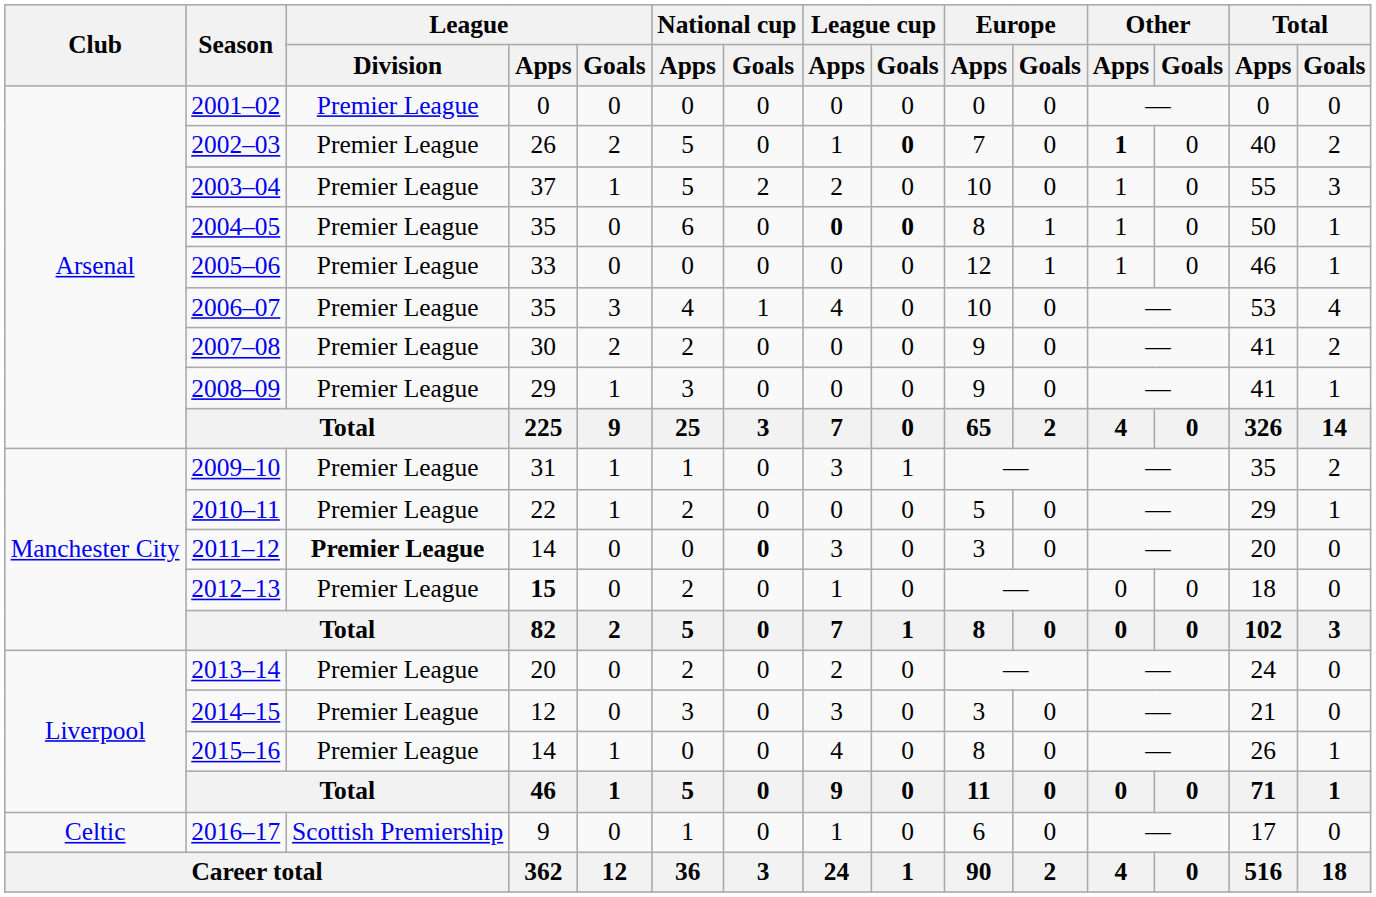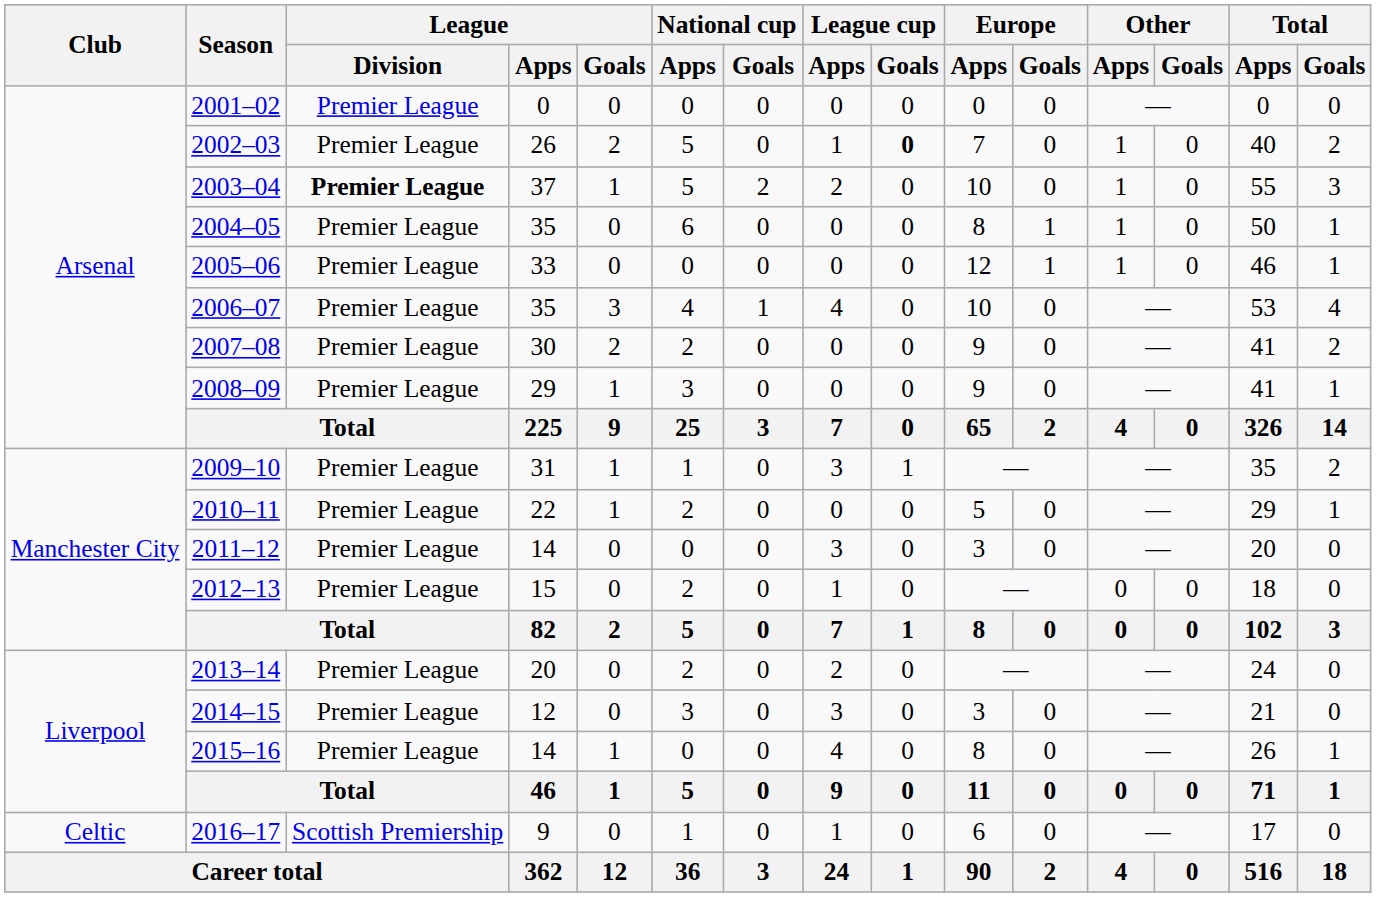 <table class=wikitable style=text-align:center>
 <tr>
 <th rowspan="2">Club</th>
 <th rowspan="2">Season</th>
 <th colspan="3">League</th>
 <th colspan="2">National cup</th>
 <th colspan="2">League cup</th>
 <th colspan="2">Europe</th>
 <th colspan="2">Other</th>
 <th colspan="2">Total</th>
 </tr>
 <tr>
 <th>Division</th>
 <th>Apps</th>
 <th>Goals</th>
 <th>Apps</th>
 <th>Goals</th>
 <th>Apps</th>
 <th>Goals</th>
 <th>Apps</th>
 <th>Goals</th>
 <th>Apps</th>
 <th>Goals</th>
 <th>Apps</th>
 <th>Goals</th>
 </tr>
 <tr>
 <td rowspan="9"><a href='#'>Arsenal</a></td>
 <td><a href='#'>2001–02</a></td>
 <td><a href='#'>Premier League</a></td>
 <td>0</td>
 <td>0</td>
 <td>0</td>
 <td>0</td>
 <td>0</td>
 <td>0</td>
 <td>0</td>
 <td>0</td>
 <td colspan="2">—</td>
 <td>0</td>
 <td>0</td>
 </tr>
 <tr>
 <td><a href='#'>2002–03</a></td>
 <td>Premier League</td>
 <td>26</td>
 <td>2</td>
 <td>5</td>
 <td>0</td>
 <td>1</td>
 <td><strong>0</strong></td>
 <td>7</td>
 <td>0</td>
-<td><strong>1</strong></td>
+<td>1</td>
 <td>0</td>
 <td>40</td>
 <td>2</td>
 </tr>
 <tr>
 <td><a href='#'>2003–04</a></td>
-<td>Premier League</td>
+<td><strong>Premier League</strong></td>
 <td>37</td>
 <td>1</td>
 <td>5</td>
 <td>2</td>
 <td>2</td>
 <td>0</td>
 <td>10</td>
 <td>0</td>
 <td>1</td>
 <td>0</td>
 <td>55</td>
 <td>3</td>
 </tr>
 <tr>
 <td><a href='#'>2004–05</a></td>
 <td>Premier League</td>
 <td>35</td>
 <td>0</td>
 <td>6</td>
 <td>0</td>
-<td><strong>0</strong></td>
-<td><strong>0</strong></td>
+<td>0</td>
+<td>0</td>
 <td>8</td>
 <td>1</td>
 <td>1</td>
 <td>0</td>
 <td>50</td>
 <td>1</td>
 </tr>
 <tr>
 <td><a href='#'>2005–06</a></td>
 <td>Premier League</td>
 <td>33</td>
 <td>0</td>
 <td>0</td>
 <td>0</td>
 <td>0</td>
 <td>0</td>
 <td>12</td>
 <td>1</td>
 <td>1</td>
 <td>0</td>
 <td>46</td>
 <td>1</td>
 </tr>
 <tr>
 <td><a href='#'>2006–07</a></td>
 <td>Premier League</td>
 <td>35</td>
 <td>3</td>
 <td>4</td>
 <td>1</td>
 <td>4</td>
 <td>0</td>
 <td>10</td>
 <td>0</td>
 <td colspan="2">—</td>
 <td>53</td>
 <td>4</td>
 </tr>
 <tr>
 <td><a href='#'>2007–08</a></td>
 <td>Premier League</td>
 <td>30</td>
 <td>2</td>
 <td>2</td>
 <td>0</td>
 <td>0</td>
 <td>0</td>
 <td>9</td>
 <td>0</td>
 <td colspan="2">—</td>
 <td>41</td>
 <td>2</td>
 </tr>
 <tr>
 <td><a href='#'>2008–09</a></td>
 <td>Premier League</td>
 <td>29</td>
 <td>1</td>
 <td>3</td>
 <td>0</td>
 <td>0</td>
 <td>0</td>
 <td>9</td>
 <td>0</td>
 <td colspan="2">—</td>
 <td>41</td>
 <td>1</td>
 </tr>
 <tr>
 <th colspan="2">Total</th>
 <th>225</th>
 <th>9</th>
 <th>25</th>
 <th>3</th>
 <th>7</th>
 <th>0</th>
 <th>65</th>
 <th>2</th>
 <th>4</th>
 <th>0</th>
 <th>326</th>
 <th>14</th>
 </tr>
 <tr>
 <td rowspan="5"><a href='#'>Manchester City</a></td>
 <td><a href='#'>2009–10</a></td>
 <td>Premier League</td>
 <td>31</td>
 <td>1</td>
 <td>1</td>
 <td>0</td>
 <td>3</td>
 <td>1</td>
 <td colspan="2">—</td>
 <td colspan="2">—</td>
 <td>35</td>
 <td>2</td>
 </tr>
 <tr>
 <td><a href='#'>2010–11</a></td>
 <td>Premier League</td>
 <td>22</td>
 <td>1</td>
 <td>2</td>
 <td>0</td>
 <td>0</td>
 <td>0</td>
 <td>5</td>
 <td>0</td>
 <td colspan="2">—</td>
 <td>29</td>
 <td>1</td>
 </tr>
 <tr>
 <td><a href='#'>2011–12</a></td>
-<td><strong>Premier League</strong></td>
+<td>Premier League</td>
 <td>14</td>
 <td>0</td>
 <td>0</td>
-<td><strong>0</strong></td>
+<td>0</td>
 <td>3</td>
 <td>0</td>
 <td>3</td>
 <td>0</td>
 <td colspan="2">—</td>
 <td>20</td>
 <td>0</td>
 </tr>
 <tr>
 <td><a href='#'>2012–13</a></td>
 <td>Premier League</td>
-<td><strong>15</strong></td>
+<td>15</td>
 <td>0</td>
 <td>2</td>
 <td>0</td>
 <td>1</td>
 <td>0</td>
 <td colspan="2">—</td>
 <td>0</td>
 <td>0</td>
 <td>18</td>
 <td>0</td>
 </tr>
 <tr>
 <th colspan="2">Total</th>
 <th>82</th>
 <th>2</th>
 <th>5</th>
 <th>0</th>
 <th>7</th>
 <th>1</th>
 <th>8</th>
 <th>0</th>
 <th>0</th>
 <th>0</th>
 <th>102</th>
 <th>3</th>
 </tr>
 <tr>
 <td rowspan="4"><a href='#'>Liverpool</a></td>
 <td><a href='#'>2013–14</a></td>
 <td>Premier League</td>
 <td>20</td>
 <td>0</td>
 <td>2</td>
 <td>0</td>
 <td>2</td>
 <td>0</td>
 <td colspan="2">—</td>
 <td colspan="2">—</td>
 <td>24</td>
 <td>0</td>
 </tr>
 <tr>
 <td><a href='#'>2014–15</a></td>
 <td>Premier League</td>
 <td>12</td>
 <td>0</td>
 <td>3</td>
 <td>0</td>
 <td>3</td>
 <td>0</td>
 <td>3</td>
 <td>0</td>
 <td colspan="2">—</td>
 <td>21</td>
 <td>0</td>
 </tr>
 <tr>
 <td><a href='#'>2015–16</a></td>
 <td>Premier League</td>
 <td>14</td>
 <td>1</td>
 <td>0</td>
 <td>0</td>
 <td>4</td>
 <td>0</td>
 <td>8</td>
 <td>0</td>
 <td colspan="2">—</td>
 <td>26</td>
 <td>1</td>
 </tr>
 <tr>
 <th colspan="2">Total</th>
 <th>46</th>
 <th>1</th>
 <th>5</th>
 <th>0</th>
 <th>9</th>
 <th>0</th>
 <th>11</th>
 <th>0</th>
 <th>0</th>
 <th>0</th>
 <th>71</th>
 <th>1</th>
 </tr>
 <tr>
 <td><a href='#'>Celtic</a></td>
 <td><a href='#'>2016–17</a></td>
 <td><a href='#'>Scottish Premiership</a></td>
 <td>9</td>
 <td>0</td>
 <td>1</td>
 <td>0</td>
 <td>1</td>
 <td>0</td>
 <td>6</td>
 <td>0</td>
 <td colspan="2">—</td>
 <td>17</td>
 <td>0</td>
 </tr>
 <tr>
 <th colspan="3">Career total</th>
 <th>362</th>
 <th>12</th>
 <th>36</th>
 <th>3</th>
 <th>24</th>
 <th>1</th>
 <th>90</th>
 <th>2</th>
 <th>4</th>
 <th>0</th>
 <th>516</th>
 <th>18</th>
 </tr>
 </table>
